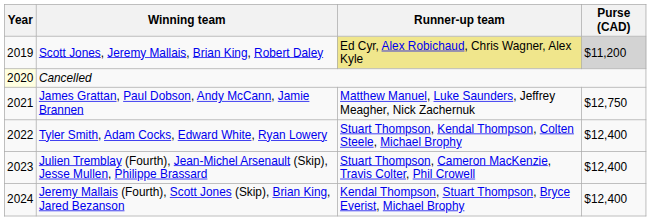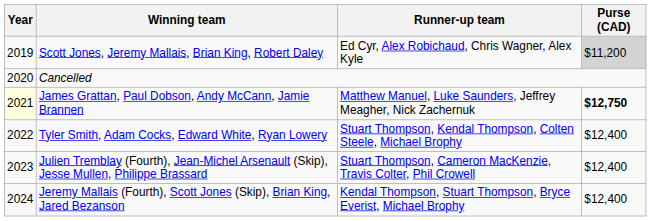 <table class="wikitable">
 <tr>
 <th scope="col">Year</th>
 <th scope="col">Winning team</th>
 <th scope="col">Runner-up team</th>
 <th scope="col">Purse (CAD)</th>
 </tr>
 <tr>
 <td>2019</td>
 <td> <a href='#'>Scott Jones</a>, <a href='#'>Jeremy Mallais</a>, <a href='#'>Brian King</a>, <a href='#'>Robert Daley</a></td>
-<td style="background: khaki;"> Ed Cyr, <a href='#'>Alex Robichaud</a>, Chris Wagner, Alex Kyle</td>
+<td> Ed Cyr, <a href='#'>Alex Robichaud</a>, Chris Wagner, Alex Kyle</td>
 <td style="background: lightgrey;">$11,200</td>
 </tr>
 <tr>
-<td style="background: lightyellow;">2020</td>
+<td>2020</td>
 <td colspan="3"><em>Cancelled</em></td>
 </tr>
 <tr>
-<td>2021</td>
+<td style="background: lightyellow;">2021</td>
 <td> <a href='#'>James Grattan</a>, <a href='#'>Paul Dobson</a>, <a href='#'>Andy McCann</a>, <a href='#'>Jamie Brannen</a></td>
 <td> <a href='#'>Matthew Manuel</a>, <a href='#'>Luke Saunders</a>, Jeffrey Meagher, Nick Zachernuk</td>
-<td>$12,750</td>
+<td><strong>$12,750</strong></td>
 </tr>
 <tr>
 <td>2022</td>
 <td> <a href='#'>Tyler Smith</a>, <a href='#'>Adam Cocks</a>, <a href='#'>Edward White</a>, <a href='#'>Ryan Lowery</a></td>
 <td> <a href='#'>Stuart Thompson</a>, <a href='#'>Kendal Thompson</a>, <a href='#'>Colten Steele</a>, <a href='#'>Michael Brophy</a></td>
 <td>$12,400</td>
 </tr>
 <tr>
 <td>2023</td>
 <td> <a href='#'>Julien Tremblay</a> (Fourth), <a href='#'>Jean-Michel Arsenault</a> (Skip), <a href='#'>Jesse Mullen</a>, <a href='#'>Philippe Brassard</a></td>
 <td> <a href='#'>Stuart Thompson</a>, <a href='#'>Cameron MacKenzie</a>, <a href='#'>Travis Colter</a>, <a href='#'>Phil Crowell</a></td>
 <td>$12,400</td>
 </tr>
 <tr>
 <td>2024</td>
 <td> <a href='#'>Jeremy Mallais</a> (Fourth), <a href='#'>Scott Jones</a> (Skip), <a href='#'>Brian King</a>, <a href='#'>Jared Bezanson</a></td>
 <td> <a href='#'>Kendal Thompson</a>, <a href='#'>Stuart Thompson</a>, <a href='#'>Bryce Everist</a>, <a href='#'>Michael Brophy</a></td>
 <td>$12,400</td>
 </tr>
 </table>
